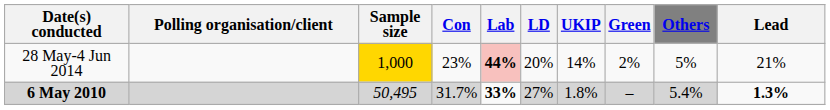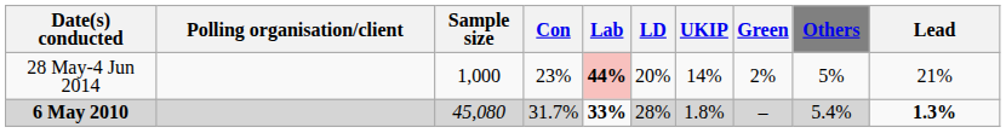 <table class="wikitable sortable" style="text-align:center;font-size:90%;line-height:14px">
 <tr>
 <th ! style="width:105px;">Date(s)<br>conducted</th>
 <th style="width:200px;">Polling organisation/client</th>
 <th class="unsortable" style="width:60px;">Sample size</th>
 <th class="unsortable" style="background:"><a href='#'><span>Con</span></a></th>
 <th class="unsortable" style="background:"><a href='#'><span>Lab</span></a></th>
 <th class="unsortable" style="background:"><a href='#'><span>LD</span></a></th>
 <th class="unsortable" style="background:"><a href='#'><span>UKIP</span></a></th>
 <th class="unsortable" style="background:"><a href='#'><span>Green</span></a></th>
 <th class="unsortable" style="background:gray; width:50px;"><a href='#'><span>Others</span></a></th>
 <th class="unsortable" style="width:90px;">Lead</th>
 </tr>
 <tr>
 <td>28 May-4 Jun 2014</td>
 <td></td>
-<td style="background: gold;">1,000</td>
+<td>1,000</td>
 <td>23%</td>
 <td style="background:#F8C1BE"><strong>44%</strong></td>
 <td>20%</td>
 <td>14%</td>
 <td>2%</td>
 <td>5%</td>
 <td style="background:">21%</td>
 </tr>
 <tr>
 <td style="background:#D5D5D5"><strong>6 May 2010</strong></td>
 <td style="background:#D5D5D5"></td>
-<td style="background:#D5D5D5"><em>50,495</em></td>
+<td style="background:#D5D5D5"><em>45,080</em></td>
 <td style="background:#D5D5D5">31.7%</td>
 <td style="background:"><strong>33%</strong></td>
-<td style="background:#D5D5D5">27%</td>
+<td style="background:#D5D5D5">28%</td>
 <td style="background:#D5D5D5">1.8%</td>
 <td style="background:#D5D5D5">–</td>
 <td style="background:#D5D5D5">5.4%</td>
 <td style="background:"><strong>1.3% </strong></td>
 </tr>
 </table>
